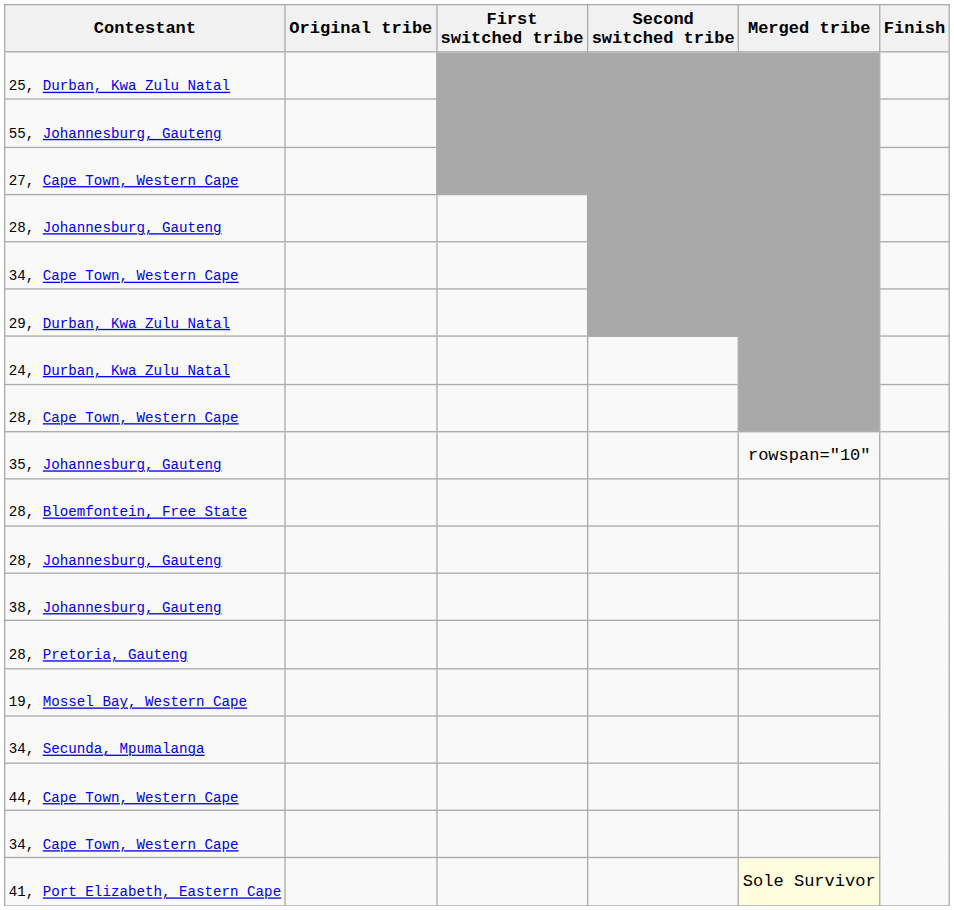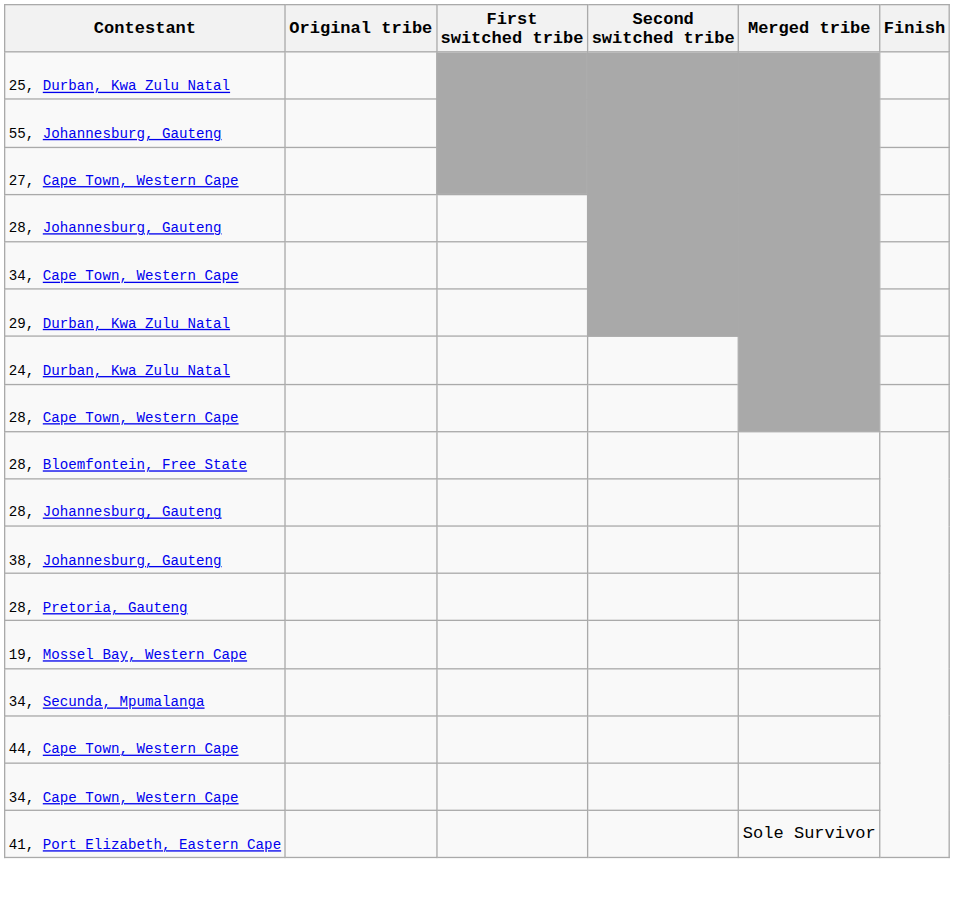 <table class="wikitable sortable" style="margin:auto; text-align:center">
 <tr>
 <th>Contestant</th>
 <th>Original tribe</th>
 <th>First<br>switched tribe</th>
 <th>Second<br>switched tribe</th>
 <th>Merged tribe</th>
 <th>Finish</th>
 </tr>
 <tr>
 <td align="left"><strong></strong><br><small>25, <a href='#'>Durban, Kwa Zulu Natal</a></small></td>
 <td></td>
 <td rowspan=3 bgcolor="darkgray"></td>
 <td rowspan=6 bgcolor="darkgray"></td>
 <td rowspan=8 bgcolor="darkgray"></td>
 <td></td>
 </tr>
 <tr>
 <td align="left"><strong></strong><br><small>55, <a href='#'>Johannesburg, Gauteng</a></small></td>
 <td></td>
 <td></td>
 </tr>
 <tr>
 <td align="left"><strong></strong><br><small>27, <a href='#'>Cape Town, Western Cape</a></small></td>
 <td></td>
 <td></td>
 </tr>
 <tr>
 <td align="left"><strong></strong><br><small>28, <a href='#'>Johannesburg, Gauteng</a></small></td>
 <td></td>
 <td></td>
 <td></td>
 </tr>
 <tr>
 <td align="left"><strong></strong><br><small>34, <a href='#'>Cape Town, Western Cape</a></small></td>
 <td></td>
 <td></td>
 <td></td>
 </tr>
 <tr>
 <td align="left"><strong></strong><br><small>29, <a href='#'>Durban, Kwa Zulu Natal</a></small></td>
 <td></td>
 <td></td>
 <td></td>
 </tr>
 <tr>
 <td align="left"><strong></strong><br><small>24, <a href='#'>Durban, Kwa Zulu Natal</a></small></td>
 <td></td>
 <td></td>
 <td></td>
 <td></td>
 </tr>
 <tr>
 <td align="left"><strong></strong><br><small>28, <a href='#'>Cape Town, Western Cape</a></small></td>
 <td></td>
 <td></td>
 <td></td>
-<td></td>
-</tr>
-<tr>
-<td align="left"><strong></strong><br><small>35, <a href='#'>Johannesburg, Gauteng</a></small></td>
-<td></td>
-<td></td>
-<td></td>
-<td>rowspan="10" </td>
 <td></td>
 </tr>
 <tr>
 <td align="left"><strong></strong><br><small>28, <a href='#'>Bloemfontein, Free State</a></small></td>
 <td></td>
 <td></td>
 <td></td>
 <td></td>
 </tr>
 <tr>
 <td align="left"><strong></strong><br><small>28, <a href='#'>Johannesburg, Gauteng</a></small></td>
 <td></td>
 <td></td>
 <td></td>
 <td></td>
 </tr>
 <tr>
 <td align="left"><strong></strong><br><small>38, <a href='#'>Johannesburg, Gauteng</a></small></td>
 <td></td>
 <td></td>
 <td></td>
 <td></td>
 </tr>
 <tr>
 <td align="left"><strong></strong><br><small>28, <a href='#'>Pretoria, Gauteng</a></small></td>
 <td></td>
 <td></td>
 <td></td>
 <td></td>
 </tr>
 <tr>
 <td align="left"><strong></strong><br><small>19, <a href='#'>Mossel Bay, Western Cape</a></small></td>
 <td></td>
 <td></td>
 <td></td>
 <td></td>
 </tr>
 <tr>
 <td align="left"><strong></strong><br><small>34, <a href='#'>Secunda, Mpumalanga</a></small></td>
 <td></td>
 <td></td>
 <td></td>
 <td></td>
 </tr>
 <tr>
 <td align="left"><strong></strong><br><small>44, <a href='#'>Cape Town, Western Cape</a></small></td>
 <td></td>
 <td></td>
 <td></td>
 <td></td>
 </tr>
 <tr>
 <td align="left"><strong></strong><br><small>34, <a href='#'>Cape Town, Western Cape</a></small></td>
 <td></td>
 <td></td>
 <td></td>
 <td></td>
 </tr>
 <tr>
 <td align="left"><strong></strong><br><small>41, <a href='#'>Port Elizabeth, Eastern Cape</a></small></td>
 <td></td>
 <td></td>
 <td></td>
-<td style="background: lightyellow;">Sole Survivor</td>
+<td>Sole Survivor</td>
 </tr>
 </table>
